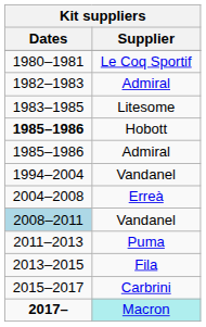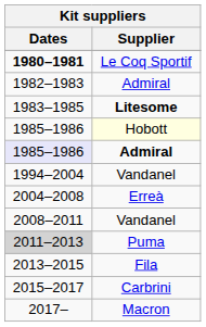 <table class="wikitable collapsible collapsed plainrowheaders" style="width: 25%; text-align: center; margin-left:1em; float: left">
 <tr>
 <th colspan=3>Kit suppliers</th>
 </tr>
 <tr>
 <th scope=col>Dates</th>
 <th scope=col>Supplier</th>
 </tr>
 <tr>
 </tr>
 <tr>
-<td>1980–1981</td>
+<td><strong>1980–1981</strong></td>
 <td><a href='#'>Le Coq Sportif</a></td>
 </tr>
 <tr>
 <td>1982–1983</td>
 <td><a href='#'>Admiral</a></td>
 </tr>
 <tr>
 <td>1983–1985</td>
-<td>Litesome</td>
-</tr>
-<tr>
-<td><strong>1985–1986</strong></td>
-<td>Hobott</td>
+<td><strong>Litesome</strong></td>
 </tr>
 <tr>
 <td>1985–1986</td>
-<td>Admiral</td>
+<td style="background: lightyellow;">Hobott</td>
+</tr>
+<tr>
+<td style="background: lavender;">1985–1986</td>
+<td><strong>Admiral</strong></td>
 </tr>
 <tr>
 <td>1994–2004</td>
 <td>Vandanel</td>
 </tr>
 <tr>
 <td>2004–2008</td>
 <td><a href='#'>Erreà</a></td>
 </tr>
 <tr>
-<td style="background: lightblue;">2008–2011</td>
+<td>2008–2011</td>
 <td>Vandanel</td>
 </tr>
 <tr>
-<td>2011–2013</td>
+<td style="background: lightgrey;">2011–2013</td>
 <td><a href='#'>Puma</a></td>
 </tr>
 <tr>
 <td>2013–2015</td>
 <td><a href='#'>Fila</a></td>
 </tr>
 <tr>
 <td>2015–2017</td>
 <td><a href='#'>Carbrini</a></td>
 </tr>
 <tr>
-<td><strong>2017–</strong></td>
-<td style="background: paleturquoise;"><a href='#'>Macron</a></td>
+<td>2017–</td>
+<td><a href='#'>Macron</a></td>
 </tr>
 </table>
